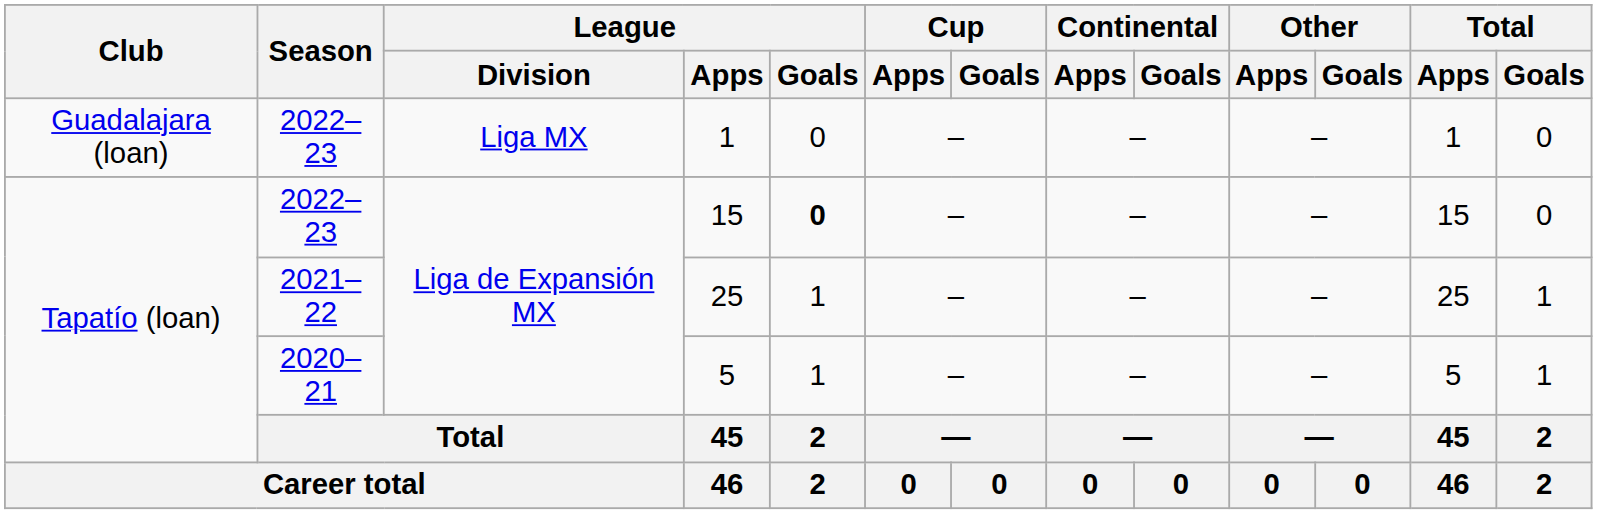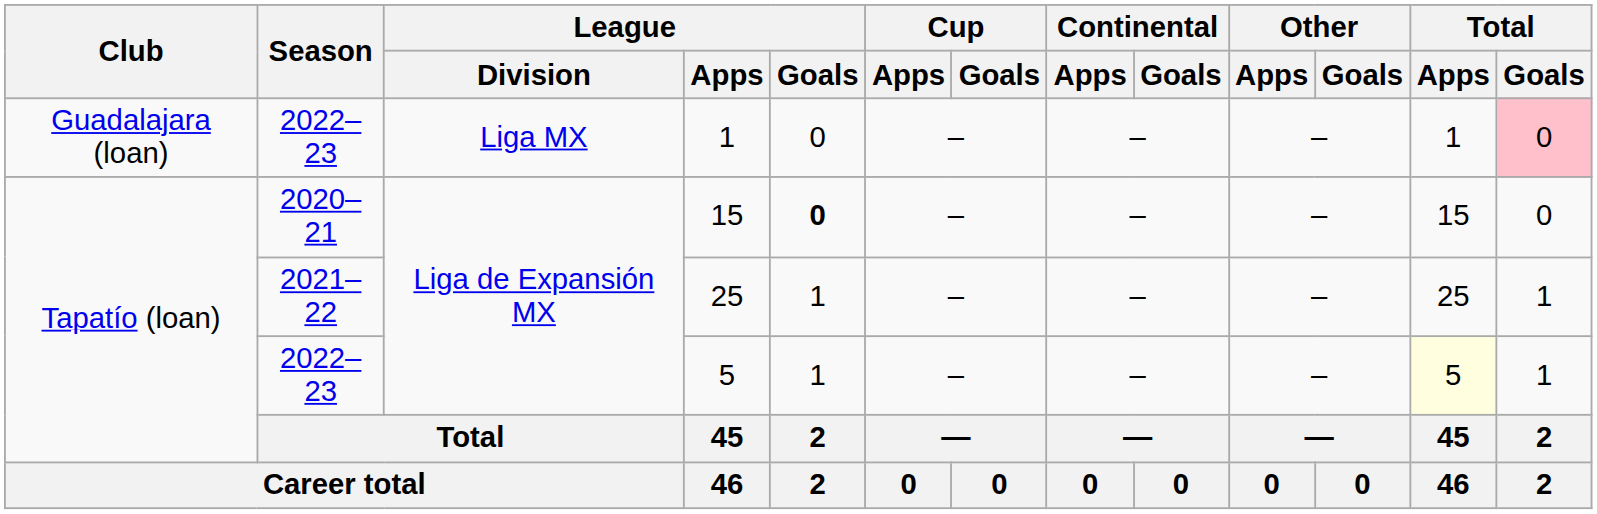 <table class="wikitable" style="text-align: center">
 <tr>
 <th rowspan="2">Club</th>
 <th rowspan="2">Season</th>
 <th colspan="3">League</th>
 <th colspan="2">Cup</th>
 <th colspan="2">Continental</th>
 <th colspan="2">Other</th>
 <th colspan="2">Total</th>
 </tr>
 <tr>
 <th>Division</th>
 <th>Apps</th>
 <th>Goals</th>
 <th>Apps</th>
 <th>Goals</th>
 <th>Apps</th>
 <th>Goals</th>
 <th>Apps</th>
 <th>Goals</th>
 <th>Apps</th>
 <th>Goals</th>
 </tr>
 <tr>
 <td><a href='#'>Guadalajara</a> (loan)</td>
 <td><a href='#'>2022–23</a></td>
 <td><a href='#'>Liga MX</a></td>
 <td>1</td>
 <td>0</td>
 <td colspan="2">–</td>
 <td colspan="2">–</td>
 <td colspan="2">–</td>
 <td>1</td>
-<td>0</td>
+<td style="background: pink;">0</td>
 </tr>
 <tr>
 <td rowspan="4"><a href='#'>Tapatío</a> (loan)</td>
-<td><a href='#'>2022–23</a></td>
+<td><a href='#'>2020–21</a></td>
 <td rowspan="3"><a href='#'>Liga de Expansión MX</a></td>
 <td>15</td>
 <td><strong>0</strong></td>
 <td colspan="2">–</td>
 <td colspan="2">–</td>
 <td colspan="2">–</td>
 <td>15</td>
 <td>0</td>
 </tr>
 <tr>
 <td><a href='#'>2021–22</a></td>
 <td>25</td>
 <td>1</td>
 <td colspan="2">–</td>
 <td colspan="2">–</td>
 <td colspan="2">–</td>
 <td>25</td>
 <td>1</td>
 </tr>
 <tr>
-<td><a href='#'>2020–21</a></td>
+<td><a href='#'>2022–23</a></td>
 <td>5</td>
 <td>1</td>
 <td colspan="2">–</td>
 <td colspan="2">–</td>
 <td colspan="2">–</td>
-<td>5</td>
+<td style="background: lightyellow;">5</td>
 <td>1</td>
 </tr>
 <tr>
 <th colspan="2">Total</th>
 <th>45</th>
 <th>2</th>
 <th colspan="2">—</th>
 <th colspan="2">—</th>
 <th colspan="2">—</th>
 <th>45</th>
 <th>2</th>
 </tr>
 <tr>
 <th colspan="3"><strong>Career total</strong></th>
 <th>46</th>
 <th>2</th>
 <th>0</th>
 <th>0</th>
 <th>0</th>
 <th>0</th>
 <th>0</th>
 <th>0</th>
 <th>46</th>
 <th>2</th>
 </tr>
 </table>
